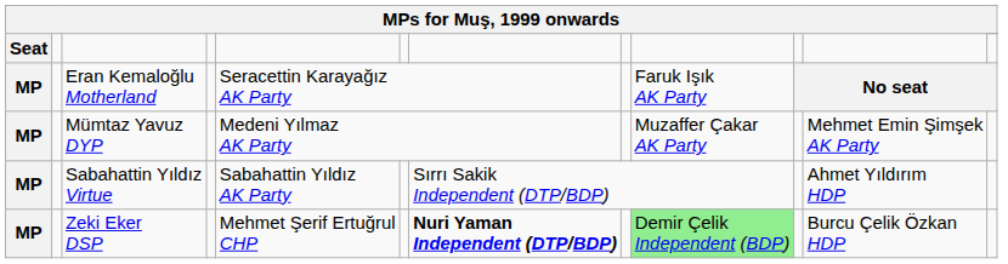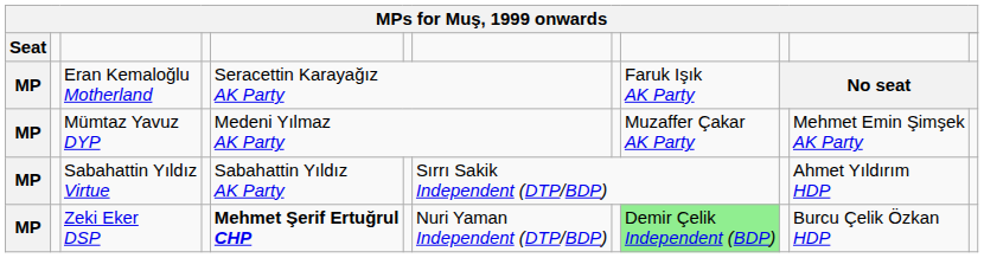 <table class="wikitable">
 <tr>
 <th colspan = 12>MPs for Muş, 1999 onwards</th>
 </tr>
 <tr>
 <th rowspan = 2>Seat</th>
 <td rowspan="2" style="width:1px;"></td>
 <td rowspan = 2></td>
 <td rowspan="2" style="width:1px;"></td>
 <td rowspan = 2></td>
 <td rowspan="2" style="width:1px;"></td>
 <td rowspan = 2></td>
 <td rowspan="2" style="width:1px;"></td>
 <td rowspan = 2></td>
 <td rowspan="2" style="width:1px;"></td>
 <td rowspan = 2></td>
 </tr>
 <tr>
 <td></td>
 </tr>
 <tr>
 <th>MP</th>
 <td width=1px style="background-color: "></td>
 <td colspan = 1>Eran Kemaloğlu<br><em><a href='#'>Motherland</a></em></td>
 <td width=1px style="background-color: "></td>
 <td colspan = 3>Seracettin Karayağız<br><em><a href='#'>AK Party</a></em></td>
 <td width=1px style="background-color: "></td>
 <td colspan = 1>Faruk Işık<br><em><a href='#'>AK Party</a></em></td>
 <th colspan=3>No seat</th>
 </tr>
 <tr>
 <th>MP</th>
 <td width=1px style="background-color: "></td>
 <td colspan = 1>Mümtaz Yavuz<br><em><a href='#'>DYP</a></em></td>
 <td width=1px style="background-color: "></td>
 <td colspan = 3>Medeni Yılmaz<br><em><a href='#'>AK Party</a></em></td>
 <td width=1px style="background-color: "></td>
 <td colspan = 1>Muzaffer Çakar<br><em><a href='#'>AK Party</a></em></td>
 <td width=1px style="background-color: "></td>
 <td colspan = 1>Mehmet Emin Şimşek<br><em><a href='#'>AK Party</a></em></td>
 <td width=1px style="background-color: "></td>
 </tr>
 <tr>
 <th>MP</th>
 <td width=1px style="background-color: "></td>
 <td colspan = 1>Sabahattin Yıldız<br><em><a href='#'>Virtue</a></em></td>
 <td width=1px style="background-color: "></td>
 <td colspan = 1>Sabahattin Yıldız<br><em><a href='#'>AK Party</a></em></td>
 <td width=1px style="background-color: "></td>
 <td colspan = 3>Sırrı Sakik<br><em><a href='#'>Independent</a> (<a href='#'>DTP</a>/<a href='#'>BDP</a>)</em></td>
 <td width=1px style="background-color: "></td>
 <td colspan = 1>Ahmet Yıldırım<br><em><a href='#'>HDP</a></em></td>
 <td width=1px style="background-color: "></td>
 </tr>
 <tr>
 <th>MP</th>
 <td width=1px style="background-color: "></td>
 <td colspan = 1><a href='#'>Zeki Eker</a><br><em><a href='#'>DSP</a></em></td>
 <td width=1px style="background-color: "></td>
-<td colspan = 1>Mehmet Şerif Ertuğrul<br><em><a href='#'>CHP</a></em></td>
+<td colspan = 1><strong>Mehmet Şerif Ertuğrul<br><em><a href='#'>CHP</a></em></strong></td>
 <td width=1px style="background-color: "></td>
-<td colspan = 1><strong>Nuri Yaman<br><em><a href='#'>Independent</a> (<a href='#'>DTP</a>/<a href='#'>BDP</a>)</em></strong></td>
+<td colspan = 1>Nuri Yaman<br><em><a href='#'>Independent</a> (<a href='#'>DTP</a>/<a href='#'>BDP</a>)</em></td>
 <td width=1px style="background-color: "></td>
 <td colspan = 1 style="background: lightgreen;">Demir Çelik<br><em><a href='#'>Independent</a> (<a href='#'>BDP</a>)</em></td>
 <td width=1px style="background-color: "></td>
 <td colspan = 1>Burcu Çelik Özkan<br><em><a href='#'>HDP</a></em></td>
 <td width=1px style="background-color: "></td>
 </tr>
 </table>
